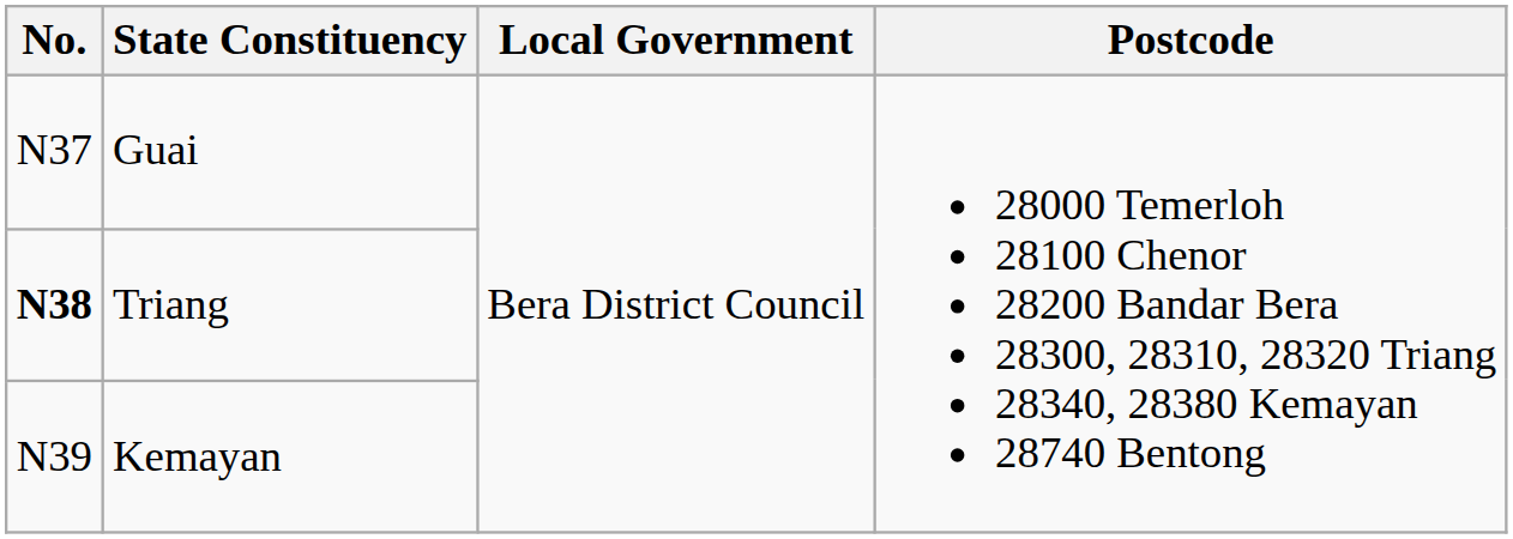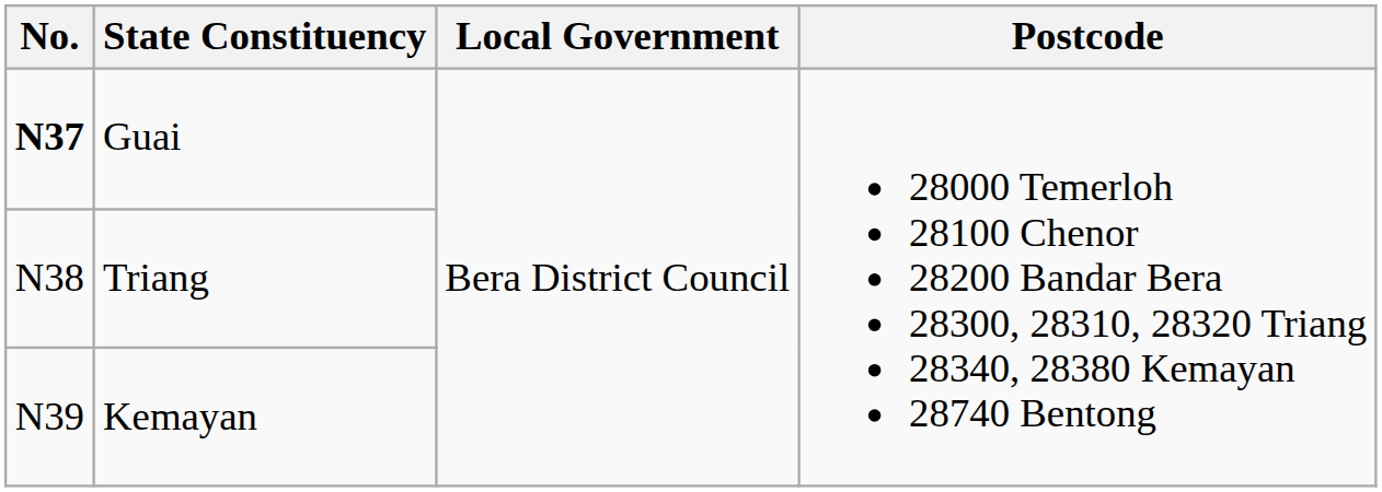 <table class="wikitable">
 <tr>
 <th>No.</th>
 <th>State Constituency</th>
 <th>Local Government</th>
 <th>Postcode</th>
 </tr>
 <tr>
-<td>N37</td>
+<td><strong>N37</strong></td>
 <td>Guai</td>
 <td rowspan="3">Bera District Council</td>
 <td rowspan="3"><br><ul><li>28000 Temerloh</li><li>28100 Chenor</li><li>28200 Bandar Bera</li><li>28300, 28310, 28320 Triang</li><li>28340, 28380 Kemayan</li><li>28740 Bentong</li></ul></td>
 </tr>
 <tr>
-<td><strong>N38</strong></td>
+<td>N38</td>
 <td>Triang</td>
 </tr>
 <tr>
 <td>N39</td>
 <td>Kemayan</td>
 </tr>
 </table>
